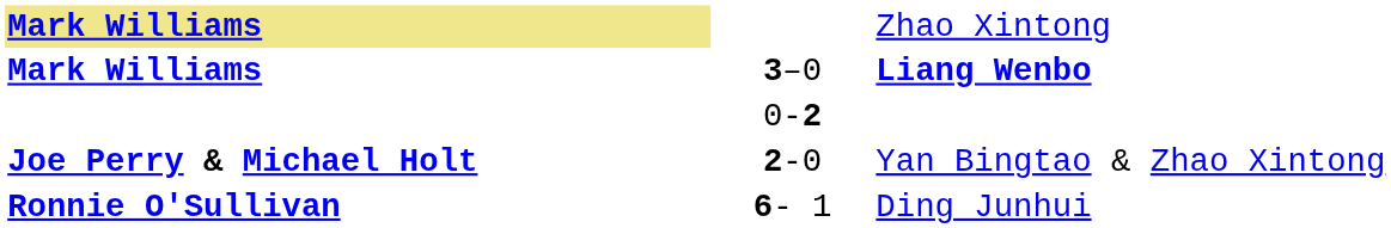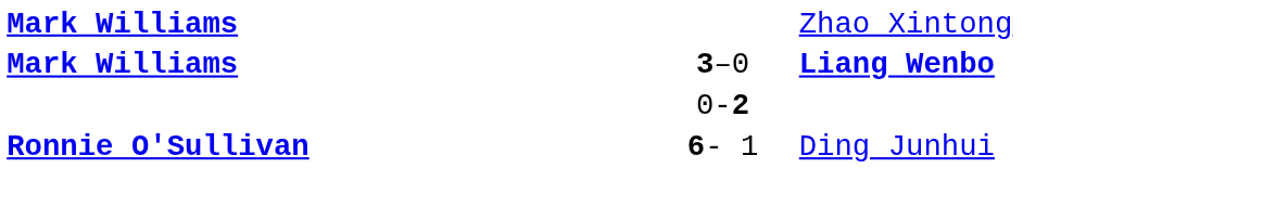 <table width="50%" cellspacing="1">
 <tr>
 <th width=45%></th>
 <th width=10%></th>
 <th width=45%></th>
 </tr>
 <tr>
-<td style="background: khaki;"> <strong><a href='#'>Mark Williams</a></strong></td>
+<td> <strong><a href='#'>Mark Williams</a></strong></td>
 <td align="center"></td>
 <td> <a href='#'>Zhao Xintong</a></td>
 </tr>
 <tr>
 <td> <strong><a href='#'>Mark Williams</a></strong></td>
 <td align="center"><strong>3</strong>–0</td>
 <td><strong> <a href='#'>Liang Wenbo</a></strong></td>
 </tr>
 <tr>
 <td></td>
 <td align="center">0-<strong>2</strong></td>
 <td><strong></strong></td>
 </tr>
 <tr>
-<td><strong> <a href='#'>Joe Perry</a> & <a href='#'>Michael Holt</a></strong></td>
-<td align="center"><strong>2</strong>-0</td>
-<td> <a href='#'>Yan Bingtao</a> & <a href='#'>Zhao Xintong</a></td>
-<td></td>
-</tr>
-<tr>
 <td><strong> <a href='#'>Ronnie O'Sullivan</a></strong></td>
 <td align="center"><strong>6</strong>- 1</td>
 <td> <a href='#'>Ding Junhui</a></td>
 </tr>
 </table>
